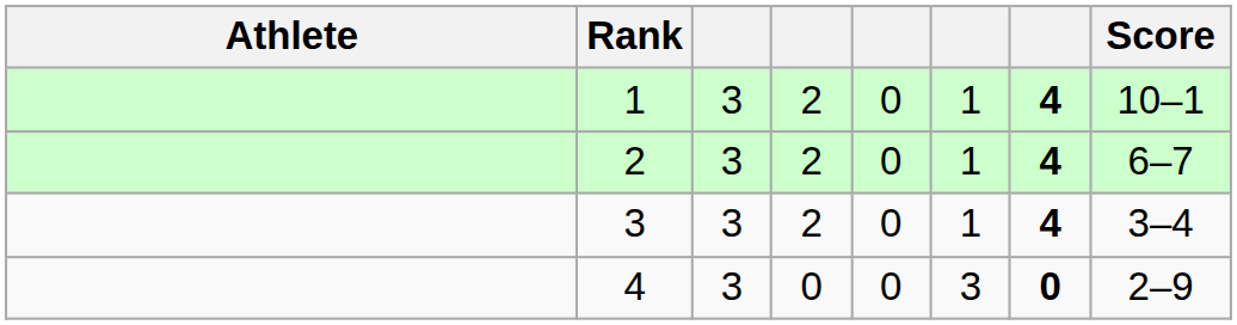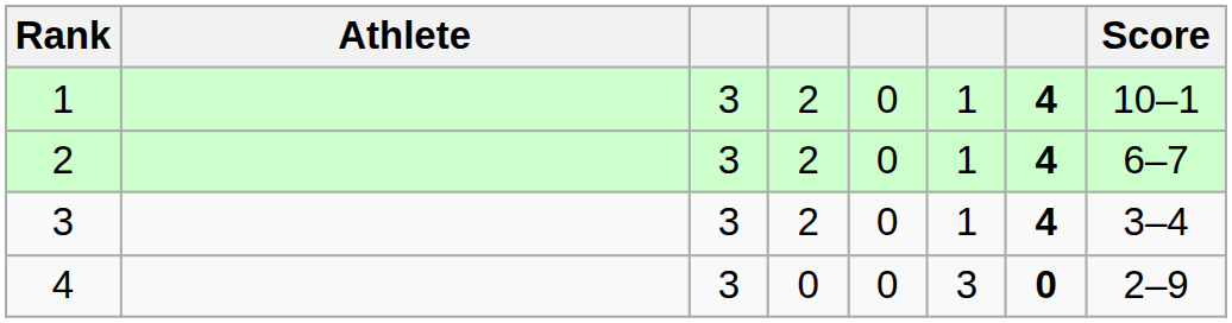 <table class="wikitable" style="text-align: center;">
 <tr>
+<th width=25>Rank</th>
 <th width=225>Athlete</th>
-<th width=25>Rank</th>
 <th width=25></th>
 <th width=25></th>
 <th width=25></th>
 <th width=25></th>
 <th width=25></th>
 <th width=50>Score</th>
 </tr>
 <tr bgcolor=ccffcc>
+<td>1</td>
 <td align=left></td>
-<td>1</td>
 <td>3</td>
 <td>2</td>
 <td>0</td>
 <td>1</td>
 <td><strong>4</strong></td>
 <td>10–1</td>
 </tr>
 <tr bgcolor=ccffcc>
+<td>2</td>
 <td align=left></td>
-<td>2</td>
 <td>3</td>
 <td>2</td>
 <td>0</td>
 <td>1</td>
 <td><strong>4</strong></td>
 <td>6–7</td>
 </tr>
 <tr>
+<td>3</td>
 <td align=left></td>
-<td>3</td>
 <td>3</td>
 <td>2</td>
 <td>0</td>
 <td>1</td>
 <td><strong>4</strong></td>
 <td>3–4</td>
 </tr>
 <tr>
+<td>4</td>
 <td align=left></td>
-<td>4</td>
 <td>3</td>
 <td>0</td>
 <td>0</td>
 <td>3</td>
 <td><strong>0</strong></td>
 <td>2–9</td>
 </tr>
 </table>
